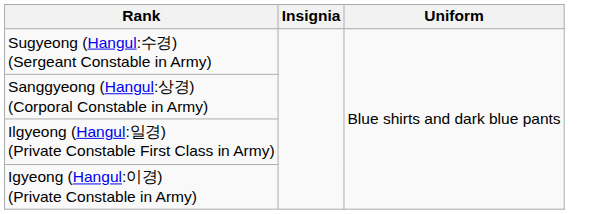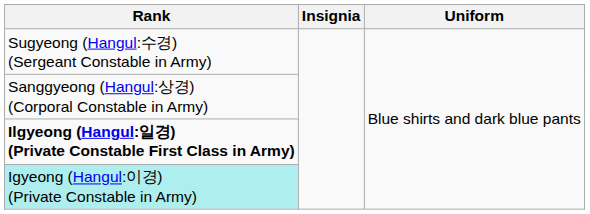 <table class="wikitable">
 <tr>
 <th>Rank</th>
 <th>Insignia</th>
 <th>Uniform</th>
 </tr>
 <tr>
 <td>Sugyeong (<a href='#'>Hangul</a>:수경)<br>(Sergeant Constable in Army)</td>
 <td rowspan="4"></td>
 <td rowspan="4">Blue shirts and dark blue pants</td>
 </tr>
 <tr>
 <td>Sanggyeong (<a href='#'>Hangul</a>:상경)<br>(Corporal Constable in Army)</td>
 </tr>
 <tr>
-<td>Ilgyeong (<a href='#'>Hangul</a>:일경)<br>(Private Constable First Class in Army)</td>
+<td><strong>Ilgyeong (<a href='#'>Hangul</a>:일경)<br>(Private Constable First Class in Army)</strong></td>
 </tr>
 <tr>
-<td>Igyeong (<a href='#'>Hangul</a>:이경)<br>(Private Constable in Army)</td>
+<td style="background: paleturquoise;">Igyeong (<a href='#'>Hangul</a>:이경)<br>(Private Constable in Army)</td>
 </tr>
 </table>
